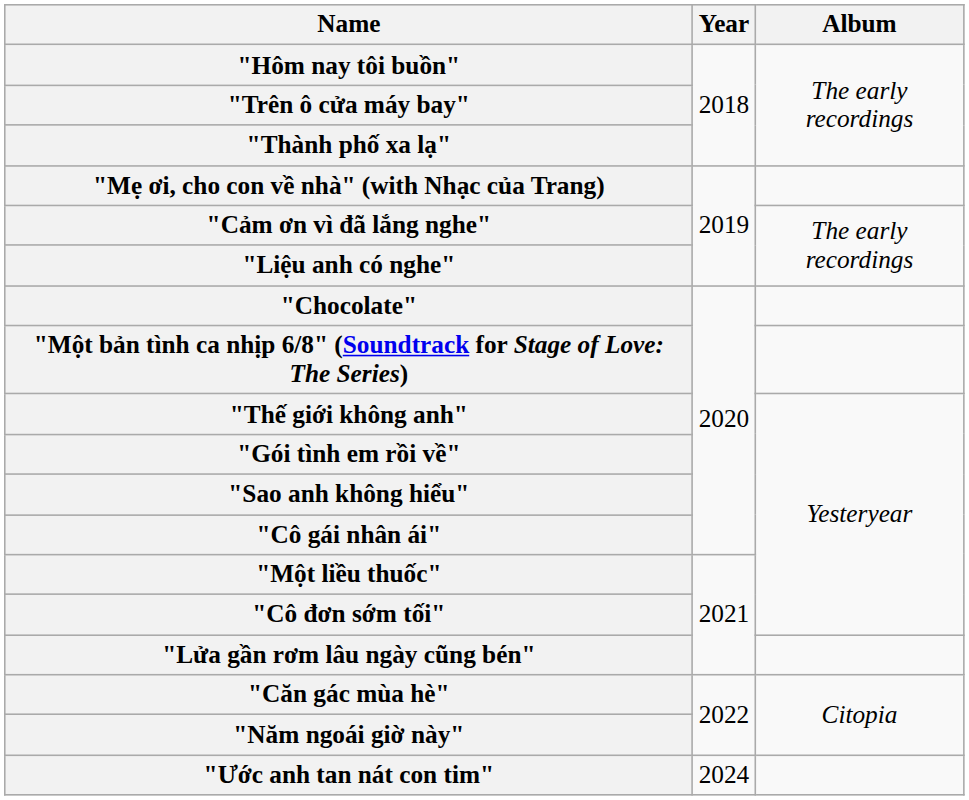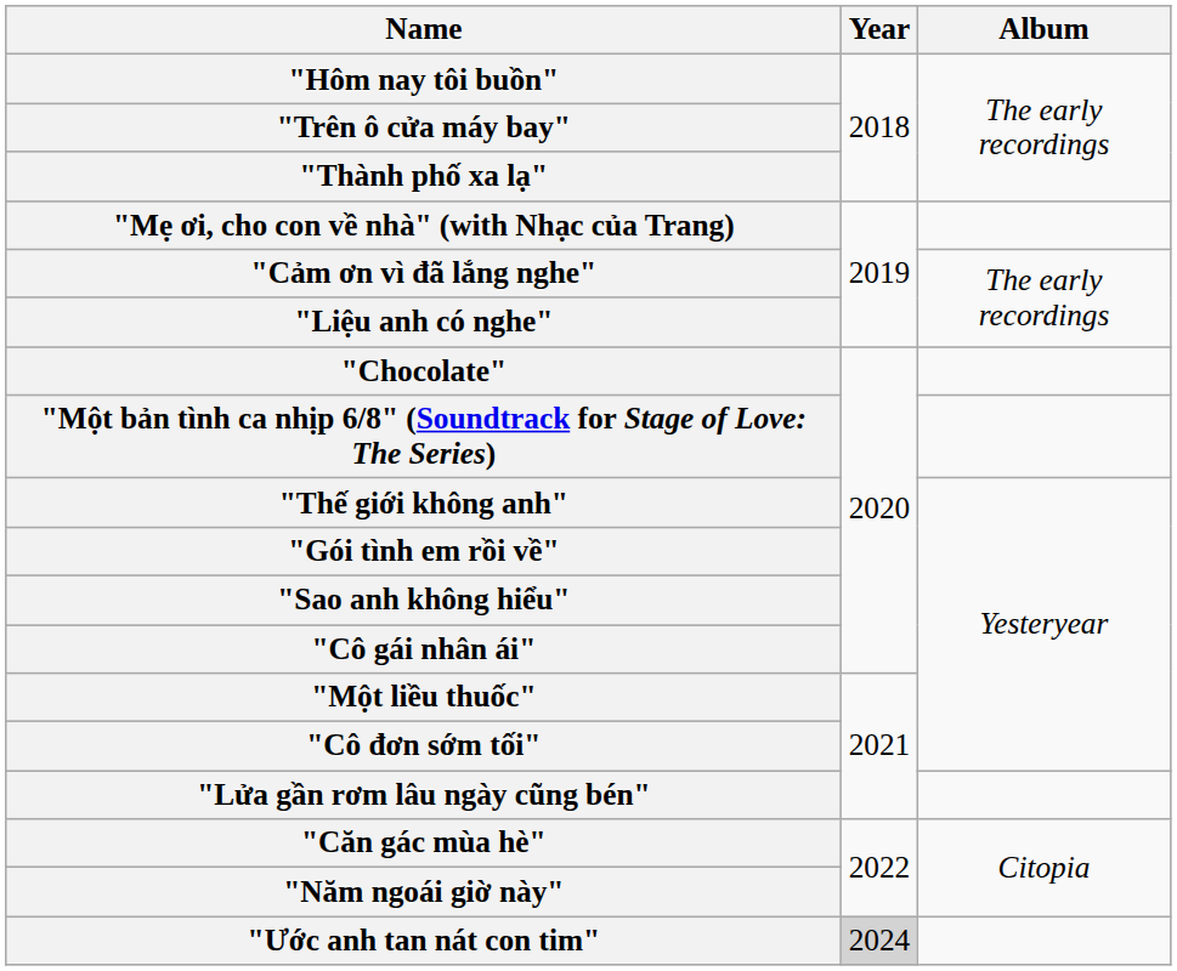 <table class="wikitable plainrowheaders" style="text-align:center;">
 <tr>
 <th>Name</th>
 <th>Year</th>
 <th>Album</th>
 </tr>
 <tr>
 <th scope="row">"Hôm nay tôi buồn"</th>
 <td rowspan="3">2018</td>
 <td rowspan="3"><em>The early recordings</em></td>
 </tr>
 <tr>
 <th scope="row">"Trên ô cửa máy bay"</th>
 </tr>
 <tr>
 <th scope="row">"Thành phố xa lạ"</th>
 </tr>
 <tr>
 <th scope="row">"Mẹ ơi, cho con về nhà" (with Nhạc của Trang)</th>
 <td rowspan="3">2019</td>
 <td></td>
 </tr>
 <tr>
 <th scope="row">"Cảm ơn vì đã lắng nghe"</th>
 <td rowspan="2"><em>The early recordings</em></td>
 </tr>
 <tr>
 <th scope="row">"Liệu anh có nghe"</th>
 </tr>
 <tr>
 <th scope="row">"Chocolate"</th>
 <td rowspan="6">2020</td>
 <td></td>
 </tr>
 <tr>
 <th scope="row">"Một bản tình ca nhịp 6/8" (<a href='#'>Soundtrack</a> for <em>Stage of Love: The Series</em>)</th>
 <td></td>
 </tr>
 <tr>
 <th scope="row">"Thế giới không anh"</th>
 <td rowspan="6"><em>Yesteryear</em></td>
 </tr>
 <tr>
 <th scope="row">"Gói tình em rồi về"</th>
 </tr>
 <tr>
 <th scope="row">"Sao anh không hiểu"</th>
 </tr>
 <tr>
 <th scope="row">"Cô gái nhân ái"</th>
 </tr>
 <tr>
 <th scope="row">"Một liều thuốc"</th>
 <td rowspan="3">2021</td>
 </tr>
 <tr>
 <th scope="row">"Cô đơn sớm tối"</th>
 </tr>
 <tr>
 <th scope="row">"Lửa gần rơm lâu ngày cũng bén"</th>
 <td></td>
 </tr>
 <tr>
 <th scope="row">"Căn gác mùa hè"</th>
 <td rowspan="2">2022</td>
 <td rowspan="2"><em>Citopia</em></td>
 </tr>
 <tr>
 <th scope="row">"Năm ngoái giờ này"</th>
 </tr>
 <tr>
 <th scope="row">"Ước anh tan nát con tim"</th>
-<td>2024</td>
+<td style="background: lightgrey;">2024</td>
 <td></td>
 </tr>
 </table>
